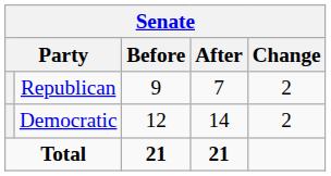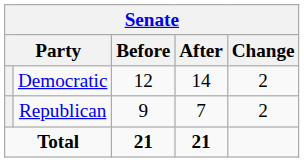 <table class="wikitable" style="text-align:center;">
 <tr>
 <th colspan=5><a href='#'>Senate</a></th>
 </tr>
 <tr>
 <th colspan=2>Party</th>
 <th>Before</th>
 <th>After</th>
 <th>Change</th>
 </tr>
 <tr>
 <th style="background-color:"></th>
-<td><a href='#'>Republican</a></td>
-<td>9</td>
-<td>7</td>
+<td><a href='#'>Democratic</a></td>
+<td>12</td>
+<td>14</td>
 <td> 2</td>
 </tr>
 <tr>
 <th style="background-color:"></th>
-<td><a href='#'>Democratic</a></td>
-<td>12</td>
-<td>14</td>
+<td><a href='#'>Republican</a></td>
+<td>9</td>
+<td>7</td>
 <td> 2</td>
 </tr>
 <tr>
 <td colspan=2><strong>Total</strong></td>
 <td><strong>21</strong></td>
 <td><strong>21</strong></td>
 <td></td>
 </tr>
 </table>
